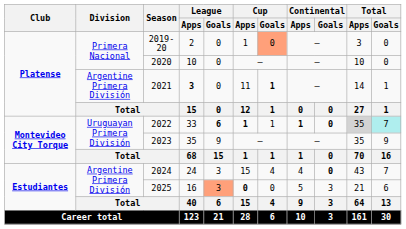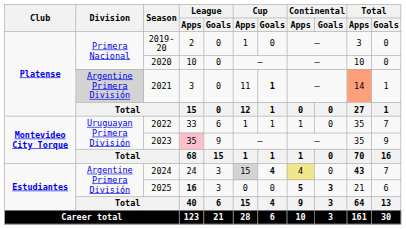 <table class="wikitable center" style="text-align:center">
 <tr>
 <th rowspan="2">Club</th>
 <th rowspan="2">Division</th>
 <th rowspan="2">Season</th>
 <th colspan="2">League</th>
 <th colspan="2">Cup</th>
 <th colspan="2">Continental</th>
 <th colspan="2">Total</th>
 </tr>
 <tr>
 <th>Apps</th>
 <th>Goals</th>
 <th>Apps</th>
 <th>Goals</th>
 <th>Apps</th>
 <th>Goals</th>
 <th>Apps</th>
 <th>Goals</th>
 </tr>
 <tr>
 <td rowspan="4"><strong><a href='#'>Platense</a></strong></td>
 <td rowspan="2"><a href='#'>Primera Nacional</a></td>
 <td>2019-20</td>
 <td>2</td>
 <td>0</td>
 <td>1</td>
-<td style="background: lightsalmon;">0</td>
+<td>0</td>
 <td colspan="2">—</td>
 <td>3</td>
 <td>0</td>
 </tr>
 <tr>
 <td>2020</td>
 <td>10</td>
 <td>0</td>
 <td colspan="2">—</td>
 <td colspan="2">—</td>
 <td>10</td>
 <td>0</td>
 </tr>
 <tr>
-<td><a href='#'>Argentine Primera División</a></td>
+<td style="background: lightgrey;"><a href='#'>Argentine Primera División</a></td>
 <td>2021</td>
-<td><strong>3</strong></td>
+<td>3</td>
 <td>0</td>
 <td>11</td>
 <td><strong>1</strong></td>
 <td colspan="2">—</td>
-<td>14</td>
+<td style="background: lightsalmon;">14</td>
 <td>1</td>
 </tr>
 <tr>
 <th colspan="2">Total</th>
 <th>15</th>
 <th>0</th>
 <th>12</th>
 <th>1</th>
 <th>0</th>
 <th>0</th>
 <th>27</th>
 <th>1</th>
 </tr>
 <tr>
 <td rowspan="3"><strong><a href='#'>Montevideo City Torque</a></strong></td>
 <td rowspan="2"><a href='#'>Uruguayan Primera División</a></td>
 <td>2022</td>
 <td>33</td>
-<td><strong>6</strong></td>
-<td><strong>1</strong></td>
+<td>6</td>
 <td>1</td>
-<td><strong>1</strong></td>
-<td><strong>0</strong></td>
-<td style="background: lightgrey;">35</td>
-<td style="background: paleturquoise;">7</td>
+<td>1</td>
+<td>1</td>
+<td>0</td>
+<td>35</td>
+<td>7</td>
 </tr>
 <tr>
 <td>2023</td>
-<td>35</td>
+<td style="background: pink;">35</td>
 <td>9</td>
 <td colspan="2">—</td>
 <td colspan="2">—</td>
 <td>35</td>
 <td>9</td>
 </tr>
 <tr>
 <th colspan="2">Total</th>
 <th>68</th>
 <th>15</th>
 <th>1</th>
 <th>1</th>
 <th>1</th>
 <th>0</th>
 <th>70</th>
 <th>16</th>
 </tr>
 <tr>
 <td rowspan="3"><strong><a href='#'>Estudiantes</a></strong></td>
 <td rowspan="2"><a href='#'>Argentine Primera División</a></td>
 <td>2024</td>
 <td>24</td>
 <td>3</td>
-<td>15</td>
-<td>4</td>
-<td>4</td>
-<td><strong>0</strong></td>
-<td>43</td>
+<td style="background: lightgrey;">15</td>
+<td><strong>4</strong></td>
+<td style="background: khaki;">4</td>
+<td>0</td>
+<td><strong>43</strong></td>
 <td>7</td>
 </tr>
 <tr>
 <td>2025</td>
-<td>16</td>
-<td style="background: lightsalmon;">3</td>
-<td><strong>0</strong></td>
+<td><strong>16</strong></td>
+<td>3</td>
 <td>0</td>
-<td>5</td>
-<td>3</td>
+<td>0</td>
+<td><strong>5</strong></td>
+<td><strong>3</strong></td>
 <td>21</td>
 <td>6</td>
 </tr>
 <tr>
 <th colspan="2">Total</th>
 <th>40</th>
 <th>6</th>
 <th>15</th>
 <th>4</th>
 <th>9</th>
 <th>3</th>
 <th>64</th>
 <th>13</th>
 </tr>
 <tr style="color: white; font-weight: bold; background: #000">
 <td colspan="3" valign="center"><strong>Career total</strong></td>
 <td>123</td>
 <td>21</td>
 <td>28</td>
 <td>6</td>
 <td>10</td>
 <td>3</td>
 <td>161</td>
 <td>30</td>
 </tr>
 </table>
